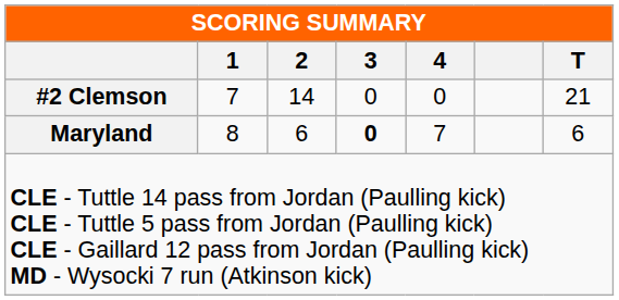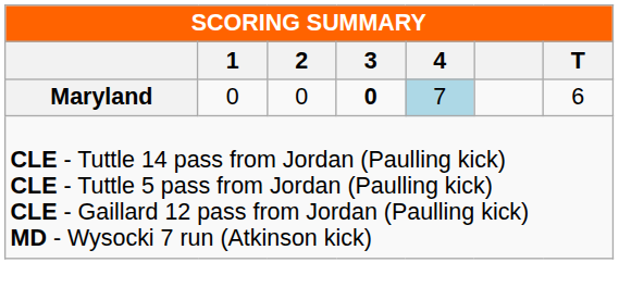 <table class="wikitable" style="text-align:center">
 <tr style="background:#FF6300; color:white">
 <td colspan="7" align="center"><strong>SCORING SUMMARY</strong></td>
 </tr>
 <tr>
 <th width="125"> </th>
 <th width="40">1</th>
 <th width="40">2</th>
 <th width="40">3</th>
 <th width="40">4</th>
 <th width="40"> </th>
 <th width="40">T</th>
 </tr>
 <tr>
-<th>#2 Clemson</th>
-<td>7</td>
-<td>14</td>
+<th>Maryland</th>
 <td>0</td>
 <td>0</td>
-<td></td>
-<td>21</td>
-</tr>
-<tr>
-<th>Maryland</th>
-<td>8</td>
-<td>6</td>
 <td><strong>0</strong></td>
-<td>7</td>
+<td style="background: lightblue;">7</td>
 <td></td>
 <td>6</td>
 </tr>
 <tr>
 <td colspan="7" align="left"><br><strong>CLE</strong> - Tuttle 14 pass from Jordan (Paulling kick)<br> <strong>CLE</strong> - Tuttle 5 pass from Jordan (Paulling kick)<br> <strong>CLE</strong> - Gaillard 12 pass from Jordan (Paulling kick)<br> <strong>MD</strong> - Wysocki 7 run (Atkinson kick)</td>
 </tr>
 </table>
